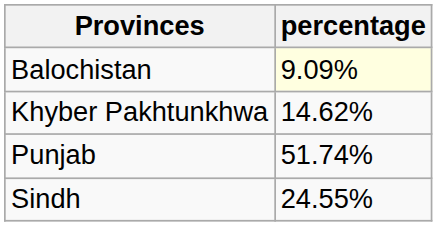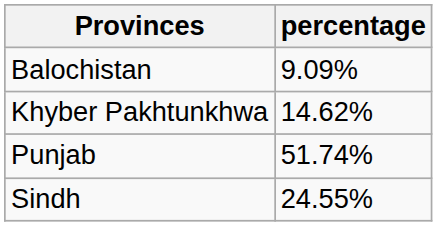 <table class="wikitable">
 <tr>
 <th>Provinces</th>
 <th>percentage</th>
 </tr>
 <tr>
 <td>Balochistan</td>
-<td style="background: lightyellow;">9.09%</td>
+<td>9.09%</td>
 </tr>
 <tr>
 <td>Khyber Pakhtunkhwa</td>
 <td>14.62%</td>
 </tr>
 <tr>
 <td>Punjab</td>
 <td>51.74%</td>
 </tr>
 <tr>
 <td>Sindh</td>
 <td>24.55%</td>
 </tr>
 </table>
